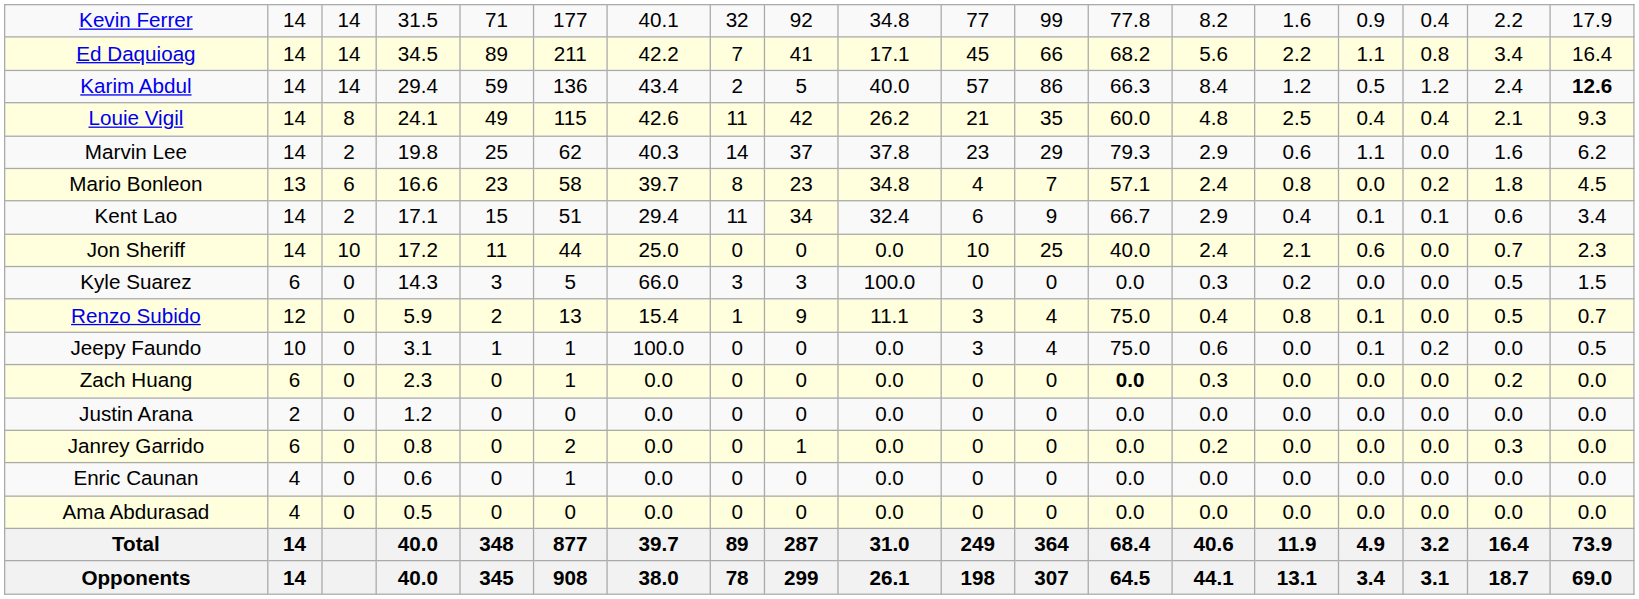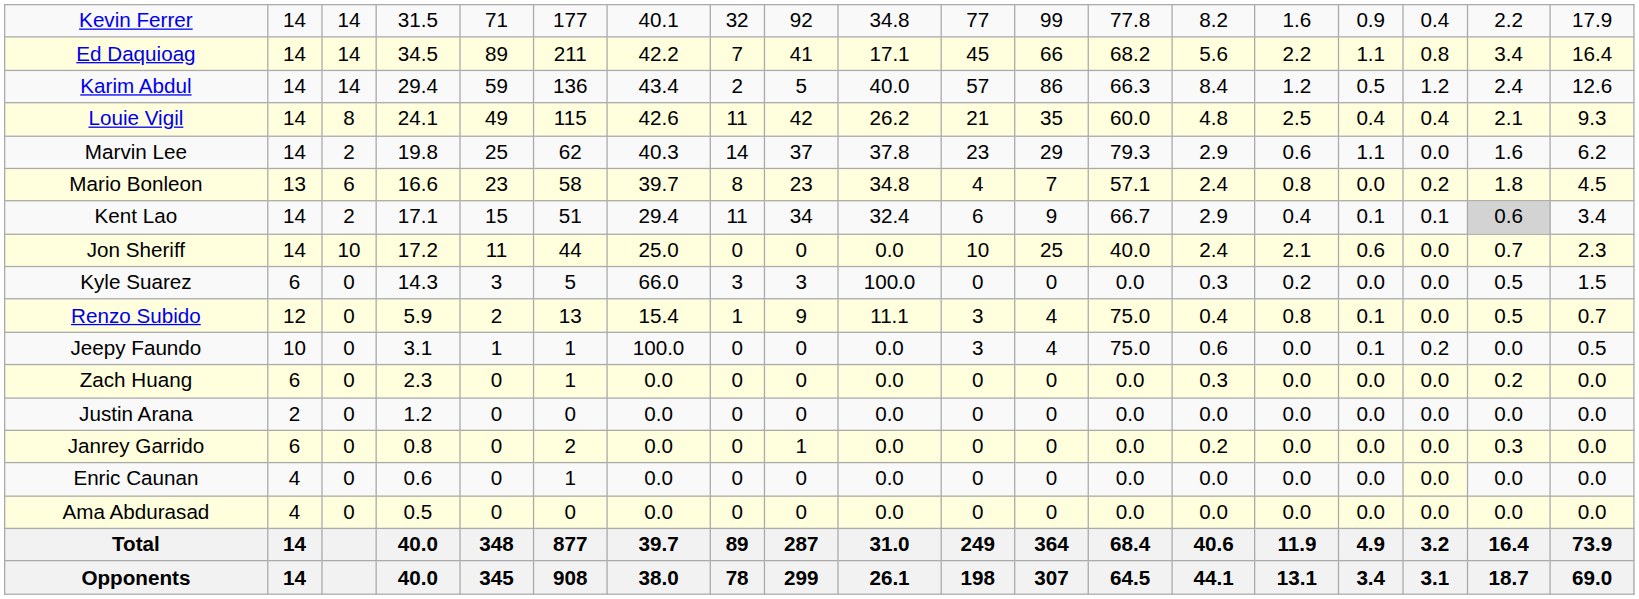 <table class=wikitable width=100%>
 <tr align=center>
 <td><a href='#'>Kevin Ferrer</a></td>
 <td>14</td>
 <td>14</td>
 <td>31.5</td>
 <td>71</td>
 <td>177</td>
 <td>40.1</td>
 <td>32</td>
 <td>92</td>
 <td>34.8</td>
 <td>77</td>
 <td>99</td>
 <td>77.8</td>
 <td>8.2</td>
 <td>1.6</td>
 <td>0.9</td>
 <td>0.4</td>
 <td>2.2</td>
 <td style=>17.9</td>
 </tr>
 <tr bgcolor=#ffffdd align=center>
 <td><a href='#'>Ed Daquioag</a></td>
 <td>14</td>
 <td>14</td>
 <td style=>34.5</td>
 <td>89</td>
 <td>211</td>
 <td>42.2</td>
 <td>7</td>
 <td>41</td>
 <td>17.1</td>
 <td>45</td>
 <td>66</td>
 <td>68.2</td>
 <td>5.6</td>
 <td>2.2</td>
 <td style=>1.1</td>
 <td>0.8</td>
 <td>3.4</td>
 <td>16.4</td>
 </tr>
 <tr align=center>
 <td><a href='#'>Karim Abdul</a></td>
 <td>14</td>
 <td>14</td>
 <td>29.4</td>
 <td>59</td>
 <td>136</td>
 <td>43.4</td>
 <td>2</td>
 <td>5</td>
 <td>40.0</td>
 <td>57</td>
 <td>86</td>
 <td>66.3</td>
 <td style=>8.4</td>
 <td>1.2</td>
 <td>0.5</td>
 <td style=>1.2</td>
 <td>2.4</td>
-<td><strong>12.6</strong></td>
+<td>12.6</td>
 </tr>
 <tr bgcolor=#ffffdd align=center>
 <td><a href='#'>Louie Vigil</a></td>
 <td>14</td>
 <td>8</td>
 <td>24.1</td>
 <td>49</td>
 <td>115</td>
 <td>42.6</td>
 <td>11</td>
 <td>42</td>
 <td>26.2</td>
 <td>21</td>
 <td>35</td>
 <td>60.0</td>
 <td>4.8</td>
 <td style=>2.5</td>
 <td>0.4</td>
 <td>0.4</td>
 <td>2.1</td>
 <td>9.3</td>
 </tr>
 <tr align=center>
 <td>Marvin Lee</td>
 <td>14</td>
 <td>2</td>
 <td>19.8</td>
 <td>25</td>
 <td>62</td>
 <td>40.3</td>
 <td>14</td>
 <td>37</td>
 <td>37.8</td>
 <td>23</td>
 <td>29</td>
 <td style=>79.3</td>
 <td>2.9</td>
 <td>0.6</td>
 <td style=>1.1</td>
 <td>0.0</td>
 <td>1.6</td>
 <td>6.2</td>
 </tr>
 <tr bgcolor=#ffffdd align=center>
 <td>Mario Bonleon</td>
 <td>13</td>
 <td>6</td>
 <td>16.6</td>
 <td>23</td>
 <td>58</td>
 <td>39.7</td>
 <td>8</td>
 <td>23</td>
 <td>34.8</td>
 <td>4</td>
 <td>7</td>
 <td>57.1</td>
 <td>2.4</td>
 <td>0.8</td>
 <td>0.0</td>
 <td>0.2</td>
 <td>1.8</td>
 <td>4.5</td>
 </tr>
 <tr align=center>
 <td>Kent Lao</td>
 <td>14</td>
 <td>2</td>
 <td>17.1</td>
 <td>15</td>
 <td>51</td>
 <td>29.4</td>
 <td>11</td>
-<td style="background: lightyellow;">34</td>
+<td>34</td>
 <td>32.4</td>
 <td>6</td>
 <td>9</td>
 <td>66.7</td>
 <td>2.9</td>
 <td>0.4</td>
 <td>0.1</td>
 <td>0.1</td>
-<td>0.6</td>
+<td style="background: lightgrey;">0.6</td>
 <td>3.4</td>
 </tr>
 <tr bgcolor=#ffffdd align=center>
 <td>Jon Sheriff</td>
 <td>14</td>
 <td>10</td>
 <td>17.2</td>
 <td>11</td>
 <td>44</td>
 <td>25.0</td>
 <td>0</td>
 <td>0</td>
 <td>0.0</td>
 <td>10</td>
 <td>25</td>
 <td>40.0</td>
 <td>2.4</td>
 <td>2.1</td>
 <td>0.6</td>
 <td>0.0</td>
 <td>0.7</td>
 <td>2.3</td>
 </tr>
 <tr align=center>
 <td>Kyle Suarez</td>
 <td>6</td>
 <td>0</td>
 <td>14.3</td>
 <td>3</td>
 <td>5</td>
 <td>66.0</td>
 <td>3</td>
 <td>3</td>
 <td style=>100.0</td>
 <td>0</td>
 <td>0</td>
 <td>0.0</td>
 <td>0.3</td>
 <td>0.2</td>
 <td>0.0</td>
 <td>0.0</td>
 <td>0.5</td>
 <td>1.5</td>
 </tr>
 <tr bgcolor=#ffffdd align=center>
 <td><a href='#'>Renzo Subido</a></td>
 <td>12</td>
 <td>0</td>
 <td>5.9</td>
 <td>2</td>
 <td>13</td>
 <td>15.4</td>
 <td>1</td>
 <td>9</td>
 <td>11.1</td>
 <td>3</td>
 <td>4</td>
 <td>75.0</td>
 <td>0.4</td>
 <td>0.8</td>
 <td>0.1</td>
 <td>0.0</td>
 <td>0.5</td>
 <td>0.7</td>
 </tr>
 <tr align=center>
 <td>Jeepy Faundo</td>
 <td>10</td>
 <td>0</td>
 <td>3.1</td>
 <td>1</td>
 <td>1</td>
 <td style=>100.0</td>
 <td>0</td>
 <td>0</td>
 <td>0.0</td>
 <td>3</td>
 <td>4</td>
 <td>75.0</td>
 <td>0.6</td>
 <td>0.0</td>
 <td>0.1</td>
 <td>0.2</td>
 <td>0.0</td>
 <td>0.5</td>
 </tr>
 <tr bgcolor=#ffffdd align=center>
 <td>Zach Huang</td>
 <td>6</td>
 <td>0</td>
 <td>2.3</td>
 <td>0</td>
 <td>1</td>
 <td>0.0</td>
 <td>0</td>
 <td>0</td>
 <td>0.0</td>
 <td>0</td>
 <td>0</td>
-<td><strong>0.0</strong></td>
+<td>0.0</td>
 <td>0.3</td>
 <td>0.0</td>
 <td>0.0</td>
 <td>0.0</td>
 <td>0.2</td>
 <td>0.0</td>
 </tr>
 <tr align=center>
 <td>Justin Arana</td>
 <td>2</td>
 <td>0</td>
 <td>1.2</td>
 <td>0</td>
 <td>0</td>
 <td>0.0</td>
 <td>0</td>
 <td>0</td>
 <td>0.0</td>
 <td>0</td>
 <td>0</td>
 <td>0.0</td>
 <td>0.0</td>
 <td>0.0</td>
 <td>0.0</td>
 <td>0.0</td>
 <td>0.0</td>
 <td>0.0</td>
 </tr>
 <tr bgcolor=#ffffdd align=center>
 <td>Janrey Garrido</td>
 <td>6</td>
 <td>0</td>
 <td>0.8</td>
 <td>0</td>
 <td>2</td>
 <td>0.0</td>
 <td>0</td>
 <td>1</td>
 <td>0.0</td>
 <td>0</td>
 <td>0</td>
 <td>0.0</td>
 <td>0.2</td>
 <td>0.0</td>
 <td>0.0</td>
 <td>0.0</td>
 <td>0.3</td>
 <td>0.0</td>
 </tr>
 <tr align=center>
 <td>Enric Caunan</td>
 <td>4</td>
 <td>0</td>
 <td>0.6</td>
 <td>0</td>
 <td>1</td>
 <td>0.0</td>
 <td>0</td>
 <td>0</td>
 <td>0.0</td>
 <td>0</td>
 <td>0</td>
 <td>0.0</td>
 <td>0.0</td>
 <td>0.0</td>
 <td>0.0</td>
-<td>0.0</td>
+<td style="background: lightyellow;">0.0</td>
 <td>0.0</td>
 <td>0.0</td>
 </tr>
 <tr bgcolor=#ffffdd align=center>
 <td>Ama Abdurasad</td>
 <td>4</td>
 <td>0</td>
 <td>0.5</td>
 <td>0</td>
 <td>0</td>
 <td>0.0</td>
 <td>0</td>
 <td>0</td>
 <td>0.0</td>
 <td>0</td>
 <td>0</td>
 <td>0.0</td>
 <td>0.0</td>
 <td>0.0</td>
 <td>0.0</td>
 <td>0.0</td>
 <td>0.0</td>
 <td>0.0</td>
 </tr>
 <tr class=sortbottom>
 <th>Total</th>
 <th>14</th>
 <th></th>
 <th>40.0</th>
 <th>348</th>
 <th>877</th>
 <th>39.7</th>
 <th>89</th>
 <th>287</th>
 <th>31.0</th>
 <th>249</th>
 <th>364</th>
 <th>68.4</th>
 <th>40.6</th>
 <th>11.9</th>
 <th>4.9</th>
 <th>3.2</th>
 <th>16.4</th>
 <th>73.9</th>
 </tr>
 <tr class=sortbottom>
 <th>Opponents</th>
 <th>14</th>
 <th></th>
 <th>40.0</th>
 <th>345</th>
 <th>908</th>
 <th>38.0</th>
 <th>78</th>
 <th>299</th>
 <th>26.1</th>
 <th>198</th>
 <th>307</th>
 <th>64.5</th>
 <th>44.1</th>
 <th>13.1</th>
 <th>3.4</th>
 <th>3.1</th>
 <th>18.7</th>
 <th>69.0</th>
 </tr>
 </table>
